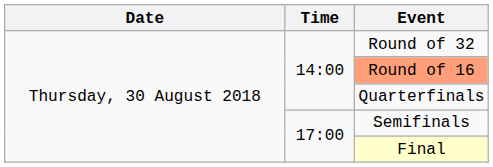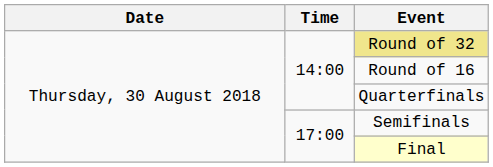 <table class = "wikitable" style="text-align:center;">
 <tr>
 <th width=220>Date</th>
 <th width=50>Time</th>
 <th width=100>Event</th>
 </tr>
 <tr>
 <td rowspan=5>Thursday, 30 August 2018</td>
 <td rowspan=3>14:00</td>
-<td>Round of 32</td>
+<td style="background: khaki;">Round of 32</td>
 </tr>
 <tr>
-<td style="background: lightsalmon;">Round of 16</td>
+<td>Round of 16</td>
 </tr>
 <tr>
 <td>Quarterfinals</td>
 </tr>
 <tr>
 <td rowspan=2>17:00</td>
 <td>Semifinals</td>
 </tr>
 <tr>
 <td bgcolor=ffffcc>Final</td>
 </tr>
 </table>
